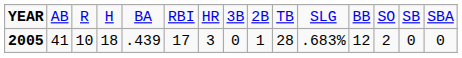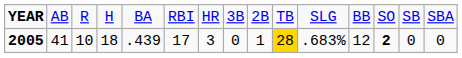 <table class="wikitable">
 <tr align=center>
 <td><strong>YEAR</strong></td>
 <td><a href='#'>AB</a></td>
 <td><a href='#'>R</a></td>
 <td><a href='#'>H</a></td>
 <td><a href='#'>BA</a></td>
 <td><a href='#'>RBI</a></td>
 <td><a href='#'>HR</a></td>
 <td><a href='#'>3B</a></td>
 <td><a href='#'>2B</a></td>
 <td><a href='#'>TB</a></td>
 <td><a href='#'>SLG</a></td>
 <td><a href='#'>BB</a></td>
 <td><a href='#'>SO</a></td>
 <td><a href='#'>SB</a></td>
 <td><a href='#'>SBA</a></td>
 </tr>
 <tr align=center>
 <td><strong>2005</strong></td>
 <td>41</td>
 <td>10</td>
 <td>18</td>
 <td>.439</td>
 <td>17</td>
 <td>3</td>
 <td>0</td>
 <td>1</td>
-<td>28</td>
+<td style="background: gold;">28</td>
 <td>.683%</td>
 <td>12</td>
-<td>2</td>
+<td><strong>2</strong></td>
 <td>0</td>
 <td>0</td>
 </tr>
 </table>
